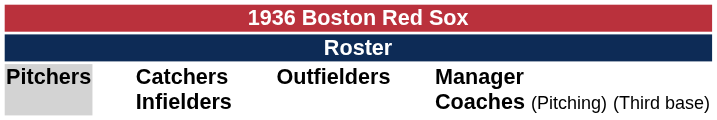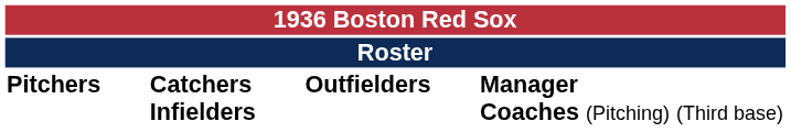 <table class="toccolours" style="text-align: left;">
 <tr>
 <th colspan="10" style="background-color: #ba313c; color: white; text-align: center;">1936 Boston Red Sox</th>
 </tr>
 <tr>
 <td colspan="10" style="background-color: #0d2b56; color: white; text-align: center;"><strong>Roster</strong></td>
 </tr>
 <tr>
-<td valign="top" style="background: lightgrey;"><strong>Pitchers</strong><br>               </td>
+<td valign="top"><strong>Pitchers</strong><br>               </td>
 <td width="25px"></td>
 <td valign="top"><strong>Catchers</strong><br>   <strong>Infielders</strong>       </td>
 <td width="25px"></td>
 <td valign="top"><strong>Outfielders</strong><br>     </td>
 <td width="25px"></td>
 <td valign="top"><strong>Manager</strong><br> <strong>Coaches</strong>   <small>(Pitching)</small>  <small>(Third base)</small></td>
 </tr>
 <tr>
 </tr>
 </table>
